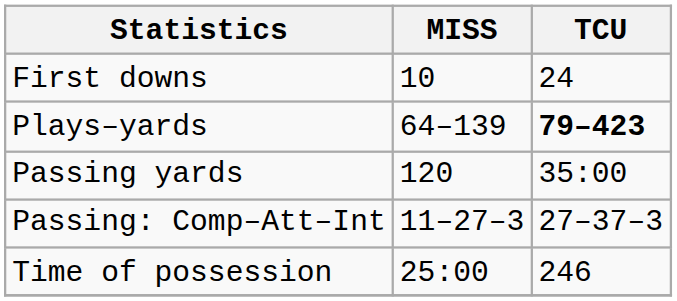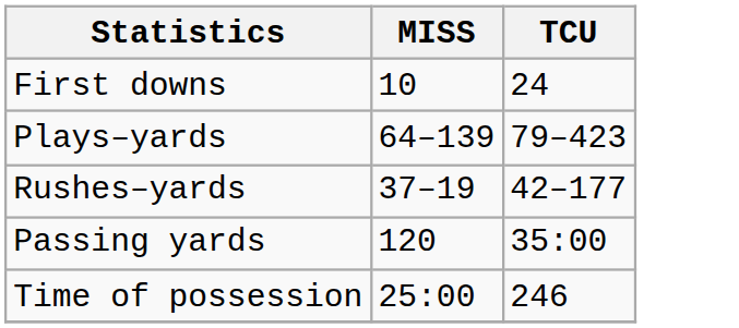 <table class="wikitable" style="float: left;">
 <tr>
 <th>Statistics</th>
 <th>MISS</th>
 <th>TCU</th>
 </tr>
 <tr>
 <td>First downs</td>
 <td>10</td>
 <td>24</td>
 </tr>
 <tr>
 <td>Plays–yards</td>
 <td>64–139</td>
-<td><strong>79–423</strong></td>
+<td>79–423</td>
+</tr>
+<tr>
+<td>Rushes–yards</td>
+<td>37–19</td>
+<td>42–177</td>
 </tr>
 <tr>
 <td>Passing yards</td>
 <td>120</td>
 <td>35:00</td>
-</tr>
-<tr>
-<td>Passing: Comp–Att–Int</td>
-<td>11–27–3</td>
-<td>27–37–3</td>
 </tr>
 <tr>
 <td>Time of possession</td>
 <td>25:00</td>
 <td>246</td>
 </tr>
 <tr>
 </tr>
 </table>
